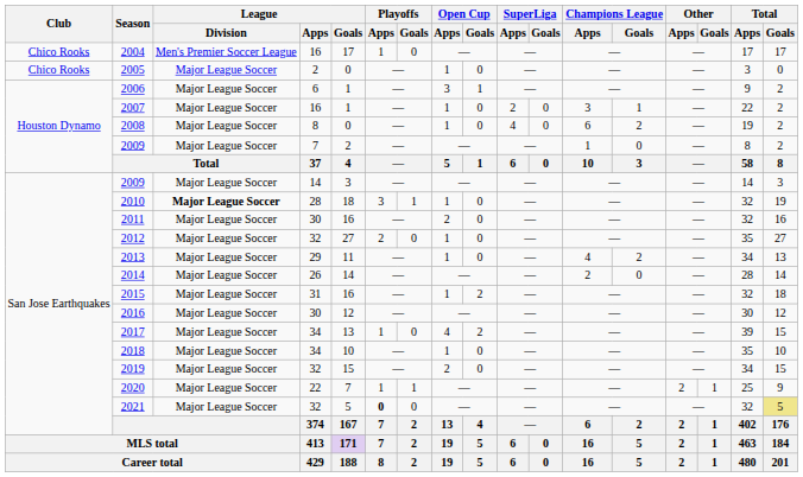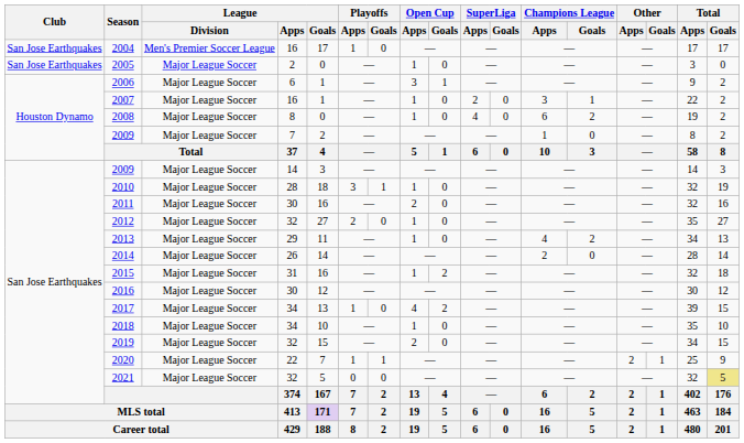 <table class="wikitable" style="text-align: center;">
 <tr>
 <th rowspan=2>Club</th>
 <th rowspan=2>Season</th>
 <th colspan=3>League</th>
 <th colspan=2>Playoffs</th>
 <th colspan=2><a href='#'>Open Cup</a></th>
 <th colspan=2><a href='#'>SuperLiga</a></th>
 <th colspan=2><a href='#'>Champions League</a></th>
 <th colspan=2>Other</th>
 <th colspan=2>Total</th>
 </tr>
 <tr>
 <th>Division</th>
 <th>Apps</th>
 <th>Goals</th>
 <th>Apps</th>
 <th>Goals</th>
 <th>Apps</th>
 <th>Goals</th>
 <th>Apps</th>
 <th>Goals</th>
 <th>Apps</th>
 <th>Goals</th>
 <th>Apps</th>
 <th>Goals</th>
 <th>Apps</th>
 <th>Goals</th>
 </tr>
 <tr>
-<td><a href='#'>Chico Rooks</a></td>
+<td><a href='#'>San Jose Earthquakes</a></td>
 <td><a href='#'>2004</a></td>
 <td><a href='#'>Men's Premier Soccer League</a></td>
 <td>16</td>
 <td>17</td>
 <td>1</td>
 <td>0</td>
 <td colspan="2">—</td>
 <td colspan="2">—</td>
 <td colspan="2">—</td>
 <td colspan="2">—</td>
 <td>17</td>
 <td>17</td>
 </tr>
 <tr>
-<td><a href='#'>Chico Rooks</a></td>
+<td><a href='#'>San Jose Earthquakes</a></td>
 <td><a href='#'>2005</a></td>
 <td><a href='#'>Major League Soccer</a></td>
 <td>2</td>
 <td>0</td>
 <td colspan="2">—</td>
 <td>1</td>
 <td>0</td>
 <td colspan="2">—</td>
 <td colspan="2">—</td>
 <td colspan="2">—</td>
 <td>3</td>
 <td>0</td>
 </tr>
 <tr>
 <td rowspan="5"><a href='#'>Houston Dynamo</a></td>
 <td><a href='#'>2006</a></td>
 <td>Major League Soccer</td>
 <td>6</td>
 <td>1</td>
 <td colspan="2">—</td>
 <td>3</td>
 <td>1</td>
 <td colspan="2">—</td>
 <td colspan="2">—</td>
 <td colspan="2">—</td>
 <td>9</td>
 <td>2</td>
 </tr>
 <tr>
 <td><a href='#'>2007</a></td>
 <td>Major League Soccer</td>
 <td>16</td>
 <td>1</td>
 <td colspan="2">—</td>
 <td>1</td>
 <td>0</td>
 <td>2</td>
 <td>0</td>
 <td>3</td>
 <td>1</td>
 <td colspan="2">—</td>
 <td>22</td>
 <td>2</td>
 </tr>
 <tr>
 <td><a href='#'>2008</a></td>
 <td>Major League Soccer</td>
 <td>8</td>
 <td>0</td>
 <td colspan="2">—</td>
 <td>1</td>
 <td>0</td>
 <td>4</td>
 <td>0</td>
 <td>6</td>
 <td>2</td>
 <td colspan="2">—</td>
 <td>19</td>
 <td>2</td>
 </tr>
 <tr>
 <td><a href='#'>2009</a></td>
 <td>Major League Soccer</td>
 <td>7</td>
 <td>2</td>
 <td colspan="2">—</td>
 <td colspan="2">—</td>
 <td colspan="2">—</td>
 <td>1</td>
 <td>0</td>
 <td colspan="2">—</td>
 <td>8</td>
 <td>2</td>
 </tr>
 <tr>
 <th colspan="2">Total</th>
 <th>37</th>
 <th>4</th>
 <th colspan="2">—</th>
 <th>5</th>
 <th>1</th>
 <th>6</th>
 <th>0</th>
 <th>10</th>
 <th>3</th>
 <th colspan="2">—</th>
 <th>58</th>
 <th>8</th>
 </tr>
 <tr>
 <td rowspan="14">San Jose Earthquakes</td>
 <td><a href='#'>2009</a></td>
 <td>Major League Soccer</td>
 <td>14</td>
 <td>3</td>
 <td colspan="2">—</td>
 <td colspan="2">—</td>
 <td colspan="2">—</td>
 <td colspan="2">—</td>
 <td colspan="2">—</td>
 <td>14</td>
 <td>3</td>
 </tr>
 <tr>
 <td><a href='#'>2010</a></td>
-<td><strong>Major League Soccer</strong></td>
+<td>Major League Soccer</td>
 <td>28</td>
 <td>18</td>
 <td>3</td>
 <td>1</td>
 <td>1</td>
 <td>0</td>
 <td colspan="2">—</td>
 <td colspan="2">—</td>
 <td colspan="2">—</td>
 <td>32</td>
 <td>19</td>
 </tr>
 <tr>
 <td><a href='#'>2011</a></td>
 <td>Major League Soccer</td>
 <td>30</td>
 <td>16</td>
 <td colspan="2">—</td>
 <td>2</td>
 <td>0</td>
 <td colspan="2">—</td>
 <td colspan="2">—</td>
 <td colspan="2">—</td>
 <td>32</td>
 <td>16</td>
 </tr>
 <tr>
 <td><a href='#'>2012</a></td>
 <td>Major League Soccer</td>
 <td>32</td>
 <td>27</td>
 <td>2</td>
 <td>0</td>
 <td>1</td>
 <td>0</td>
 <td colspan="2">—</td>
 <td colspan="2">—</td>
 <td colspan="2">—</td>
 <td>35</td>
 <td>27</td>
 </tr>
 <tr>
 <td><a href='#'>2013</a></td>
 <td>Major League Soccer</td>
 <td>29</td>
 <td>11</td>
 <td colspan="2">—</td>
 <td>1</td>
 <td>0</td>
 <td colspan="2">—</td>
 <td>4</td>
 <td>2</td>
 <td colspan="2">—</td>
 <td>34</td>
 <td>13</td>
 </tr>
 <tr>
 <td><a href='#'>2014</a></td>
 <td>Major League Soccer</td>
 <td>26</td>
 <td>14</td>
 <td colspan="2">—</td>
 <td colspan="2">—</td>
 <td colspan="2">—</td>
 <td>2</td>
 <td>0</td>
 <td colspan="2">—</td>
 <td>28</td>
 <td>14</td>
 </tr>
 <tr>
 <td><a href='#'>2015</a></td>
 <td>Major League Soccer</td>
 <td>31</td>
 <td>16</td>
 <td colspan="2">—</td>
 <td>1</td>
 <td>2</td>
 <td colspan="2">—</td>
 <td colspan="2">—</td>
 <td colspan="2">—</td>
 <td>32</td>
 <td>18</td>
 </tr>
 <tr>
 <td><a href='#'>2016</a></td>
 <td>Major League Soccer</td>
 <td>30</td>
 <td>12</td>
 <td colspan="2">—</td>
 <td colspan="2">—</td>
 <td colspan="2">—</td>
 <td colspan="2">—</td>
 <td colspan="2">—</td>
 <td>30</td>
 <td>12</td>
 </tr>
 <tr>
 <td><a href='#'>2017</a></td>
 <td>Major League Soccer</td>
 <td>34</td>
 <td>13</td>
 <td>1</td>
 <td>0</td>
 <td>4</td>
 <td>2</td>
 <td colspan="2">—</td>
 <td colspan="2">—</td>
 <td colspan="2">—</td>
 <td>39</td>
 <td>15</td>
 </tr>
 <tr>
 <td><a href='#'>2018</a></td>
 <td>Major League Soccer</td>
 <td>34</td>
 <td>10</td>
 <td colspan="2">—</td>
 <td>1</td>
 <td>0</td>
 <td colspan="2">—</td>
 <td colspan="2">—</td>
 <td colspan="2">—</td>
 <td>35</td>
 <td>10</td>
 </tr>
 <tr>
 <td><a href='#'>2019</a></td>
 <td>Major League Soccer</td>
 <td>32</td>
 <td>15</td>
 <td colspan="2">—</td>
 <td>2</td>
 <td>0</td>
 <td colspan="2">—</td>
 <td colspan="2">—</td>
 <td colspan="2">—</td>
 <td>34</td>
 <td>15</td>
 </tr>
 <tr>
 <td><a href='#'>2020</a></td>
 <td>Major League Soccer</td>
 <td>22</td>
 <td>7</td>
 <td>1</td>
 <td>1</td>
 <td colspan="2">—</td>
 <td colspan="2">—</td>
 <td colspan="2">—</td>
 <td>2</td>
 <td>1</td>
 <td>25</td>
 <td>9</td>
 </tr>
 <tr>
 <td><a href='#'>2021</a></td>
 <td>Major League Soccer</td>
 <td>32</td>
 <td>5</td>
-<td><strong>0</strong></td>
+<td>0</td>
 <td>0</td>
 <td colspan="2">—</td>
 <td colspan="2">—</td>
 <td colspan="2">—</td>
 <td colspan="2">—</td>
 <td>32</td>
 <td style="background: khaki;">5</td>
 </tr>
 <tr>
 <th colspan="2"></th>
 <th>374</th>
 <th>167</th>
 <th>7</th>
 <th>2</th>
 <th>13</th>
 <th>4</th>
 <th colspan="2">—</th>
 <th>6</th>
 <th>2</th>
 <th>2</th>
 <th>1</th>
 <th>402</th>
 <th>176</th>
 </tr>
 <tr>
 <th colspan="3">MLS total</th>
 <th>413</th>
 <th style="background:#e0cef2;"><strong>171</strong></th>
 <th>7</th>
 <th>2</th>
 <th>19</th>
 <th>5</th>
 <th>6</th>
 <th>0</th>
 <th>16</th>
 <th>5</th>
 <th>2</th>
 <th>1</th>
 <th>463</th>
 <th>184</th>
 </tr>
 <tr>
 <th colspan="3">Career total</th>
 <th>429</th>
 <th>188</th>
 <th>8</th>
 <th>2</th>
 <th>19</th>
 <th>5</th>
 <th>6</th>
 <th>0</th>
 <th>16</th>
 <th>5</th>
 <th>2</th>
 <th>1</th>
 <th>480</th>
 <th>201</th>
 </tr>
 </table>
